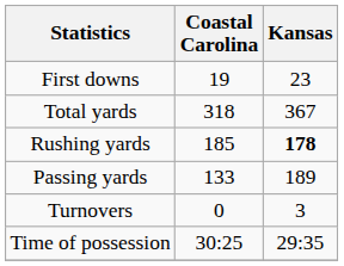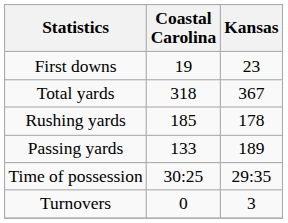 <table class="wikitable">
 <tr>
 <th>Statistics</th>
 <th>Coastal<br>Carolina</th>
 <th>Kansas</th>
 </tr>
 <tr align="center">
 <td>First downs</td>
 <td>19</td>
 <td>23</td>
 </tr>
 <tr align="center">
 <td>Total yards</td>
 <td>318</td>
 <td>367</td>
 </tr>
 <tr align="center">
 <td>Rushing yards</td>
 <td>185</td>
-<td><strong>178</strong></td>
+<td>178</td>
 </tr>
 <tr align="center">
 <td>Passing yards</td>
 <td>133</td>
 <td>189</td>
 </tr>
 <tr align="center">
+<td>Time of possession</td>
+<td>30:25</td>
+<td>29:35</td>
+</tr>
+<tr align="center">
 <td>Turnovers</td>
 <td>0</td>
 <td>3</td>
 </tr>
-<tr align="center">
-<td>Time of possession</td>
-<td>30:25</td>
-<td>29:35</td>
-</tr>
 <tr>
 </tr>
 </table>
